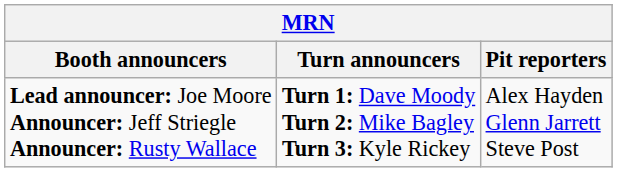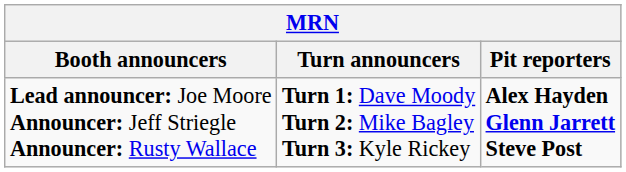 <table class="wikitable" style="font-size: 95%;">
 <tr>
 <th colspan="3"><a href='#'>MRN</a></th>
 </tr>
 <tr>
 <th>Booth announcers</th>
 <th>Turn announcers</th>
 <th>Pit reporters</th>
 </tr>
 <tr>
 <td><strong>Lead announcer:</strong> Joe Moore<br><strong>Announcer:</strong> Jeff Striegle<br><strong>Announcer:</strong> <a href='#'>Rusty Wallace</a></td>
 <td><strong>Turn 1:</strong> <a href='#'>Dave Moody</a><br><strong>Turn 2:</strong> <a href='#'>Mike Bagley</a><br><strong>Turn 3:</strong> Kyle Rickey</td>
-<td>Alex Hayden<br><a href='#'>Glenn Jarrett</a><br>Steve Post</td>
+<td><strong>Alex Hayden<br><a href='#'>Glenn Jarrett</a><br>Steve Post</strong></td>
 </tr>
 </table>
